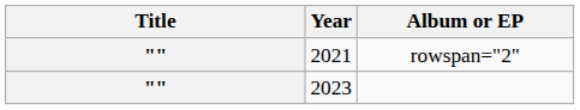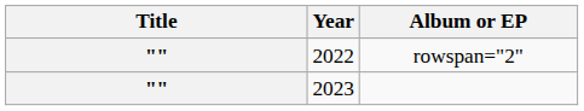 <table class="wikitable plainrowheaders" style="text-align:center;">
 <tr>
 <th scope="col" style="width:14em;">Title</th>
 <th scope="col" style="width:1em;">Year</th>
 <th scope="col" style="width:10em;">Album or EP</th>
 </tr>
 <tr>
 <th scope="row">""<br></th>
-<td>2021</td>
+<td>2022</td>
 <td>rowspan="2" </td>
 </tr>
 <tr>
 <th scope="row">""<br></th>
 <td>2023</td>
 </tr>
 </table>
